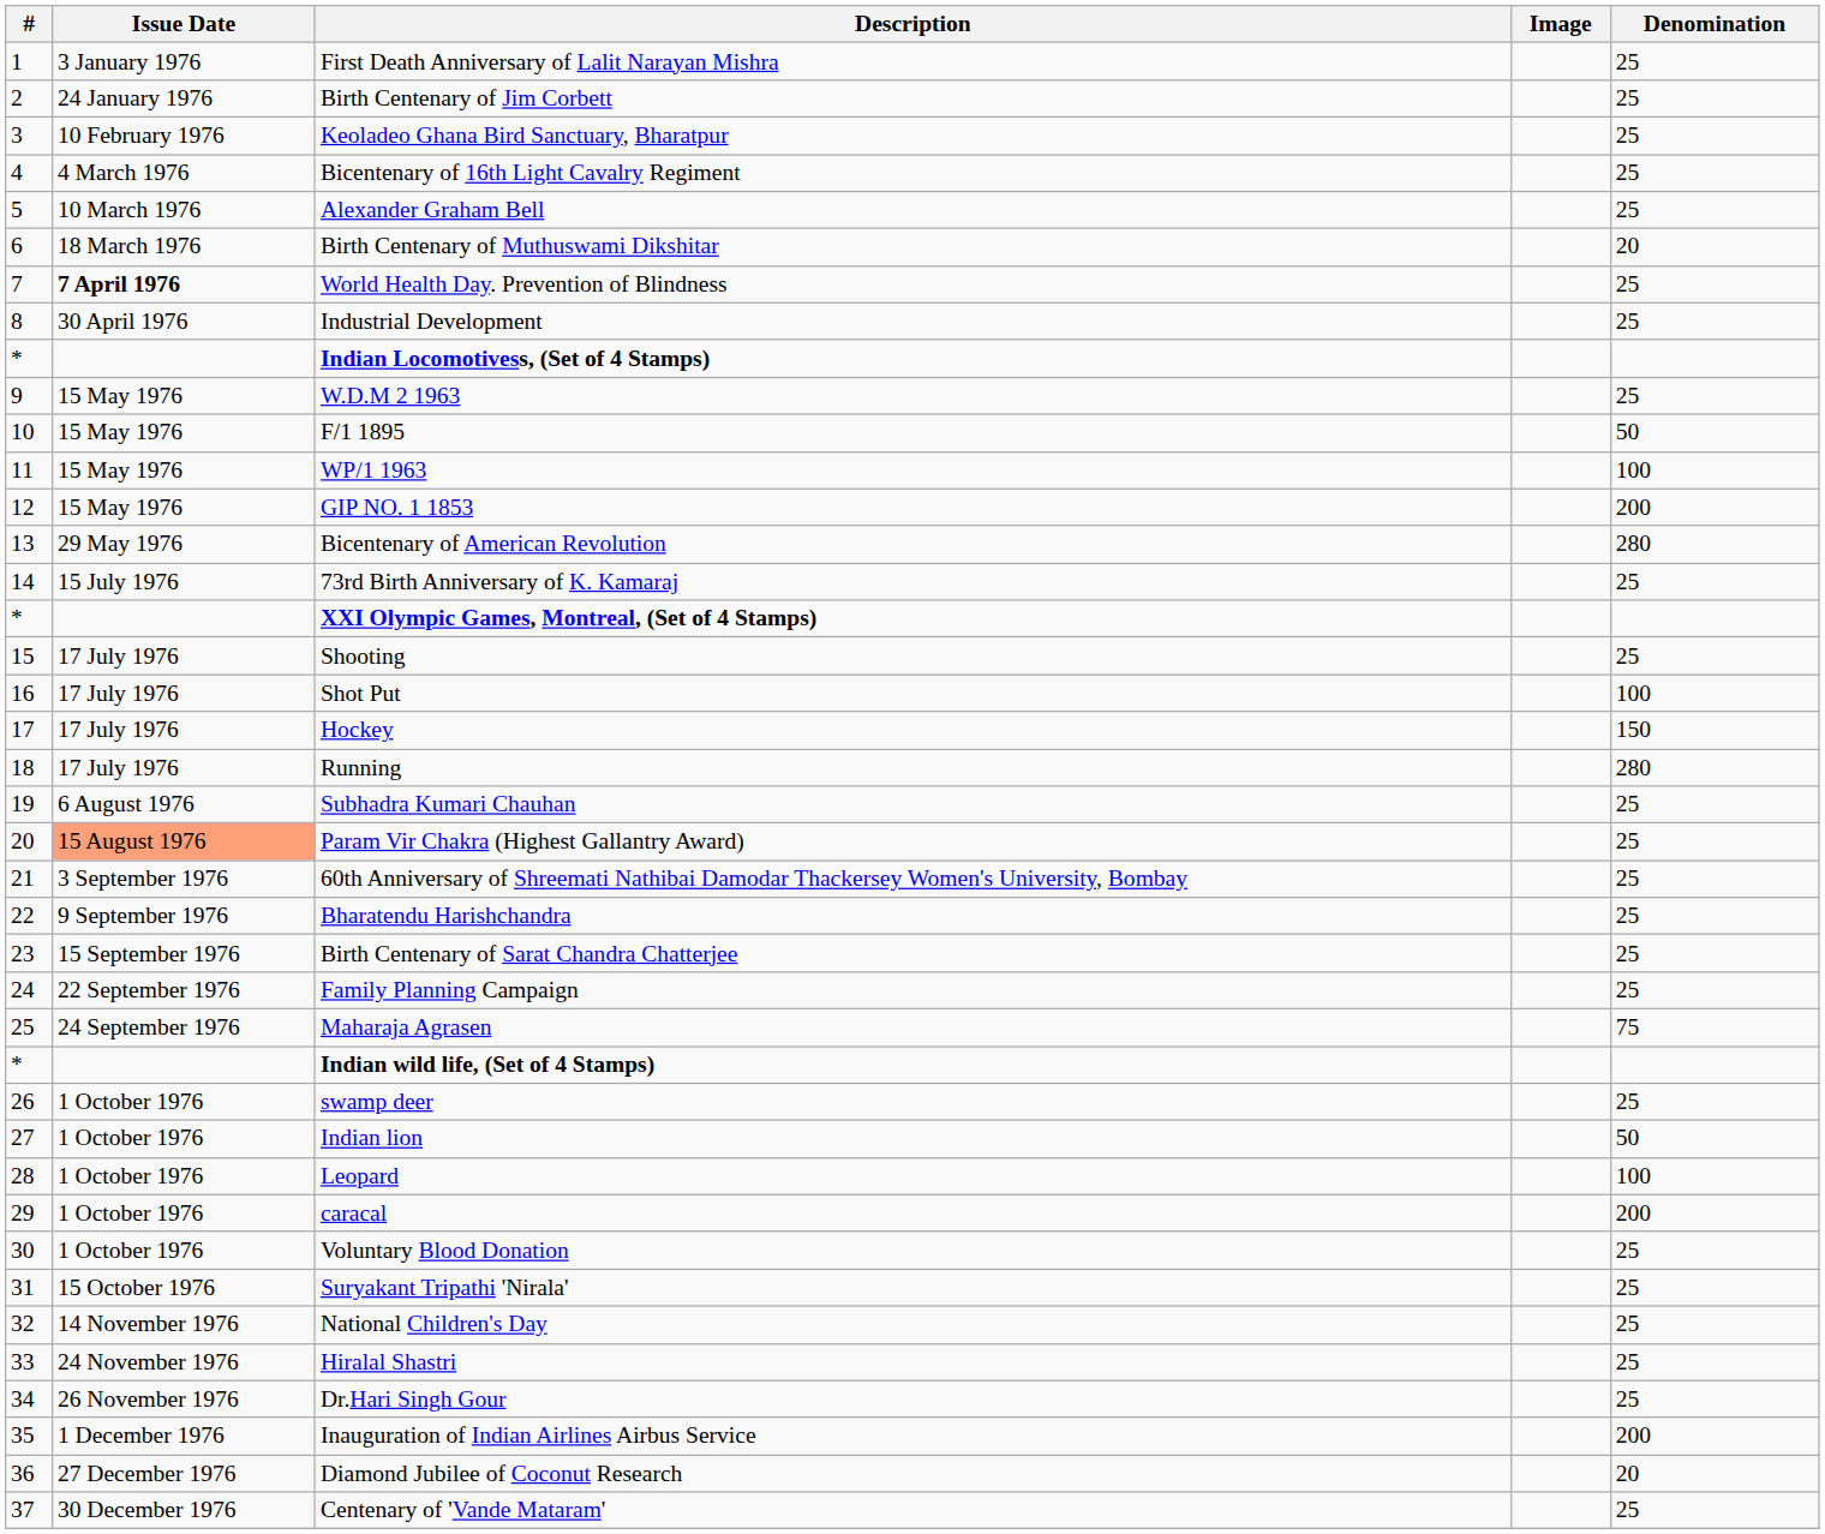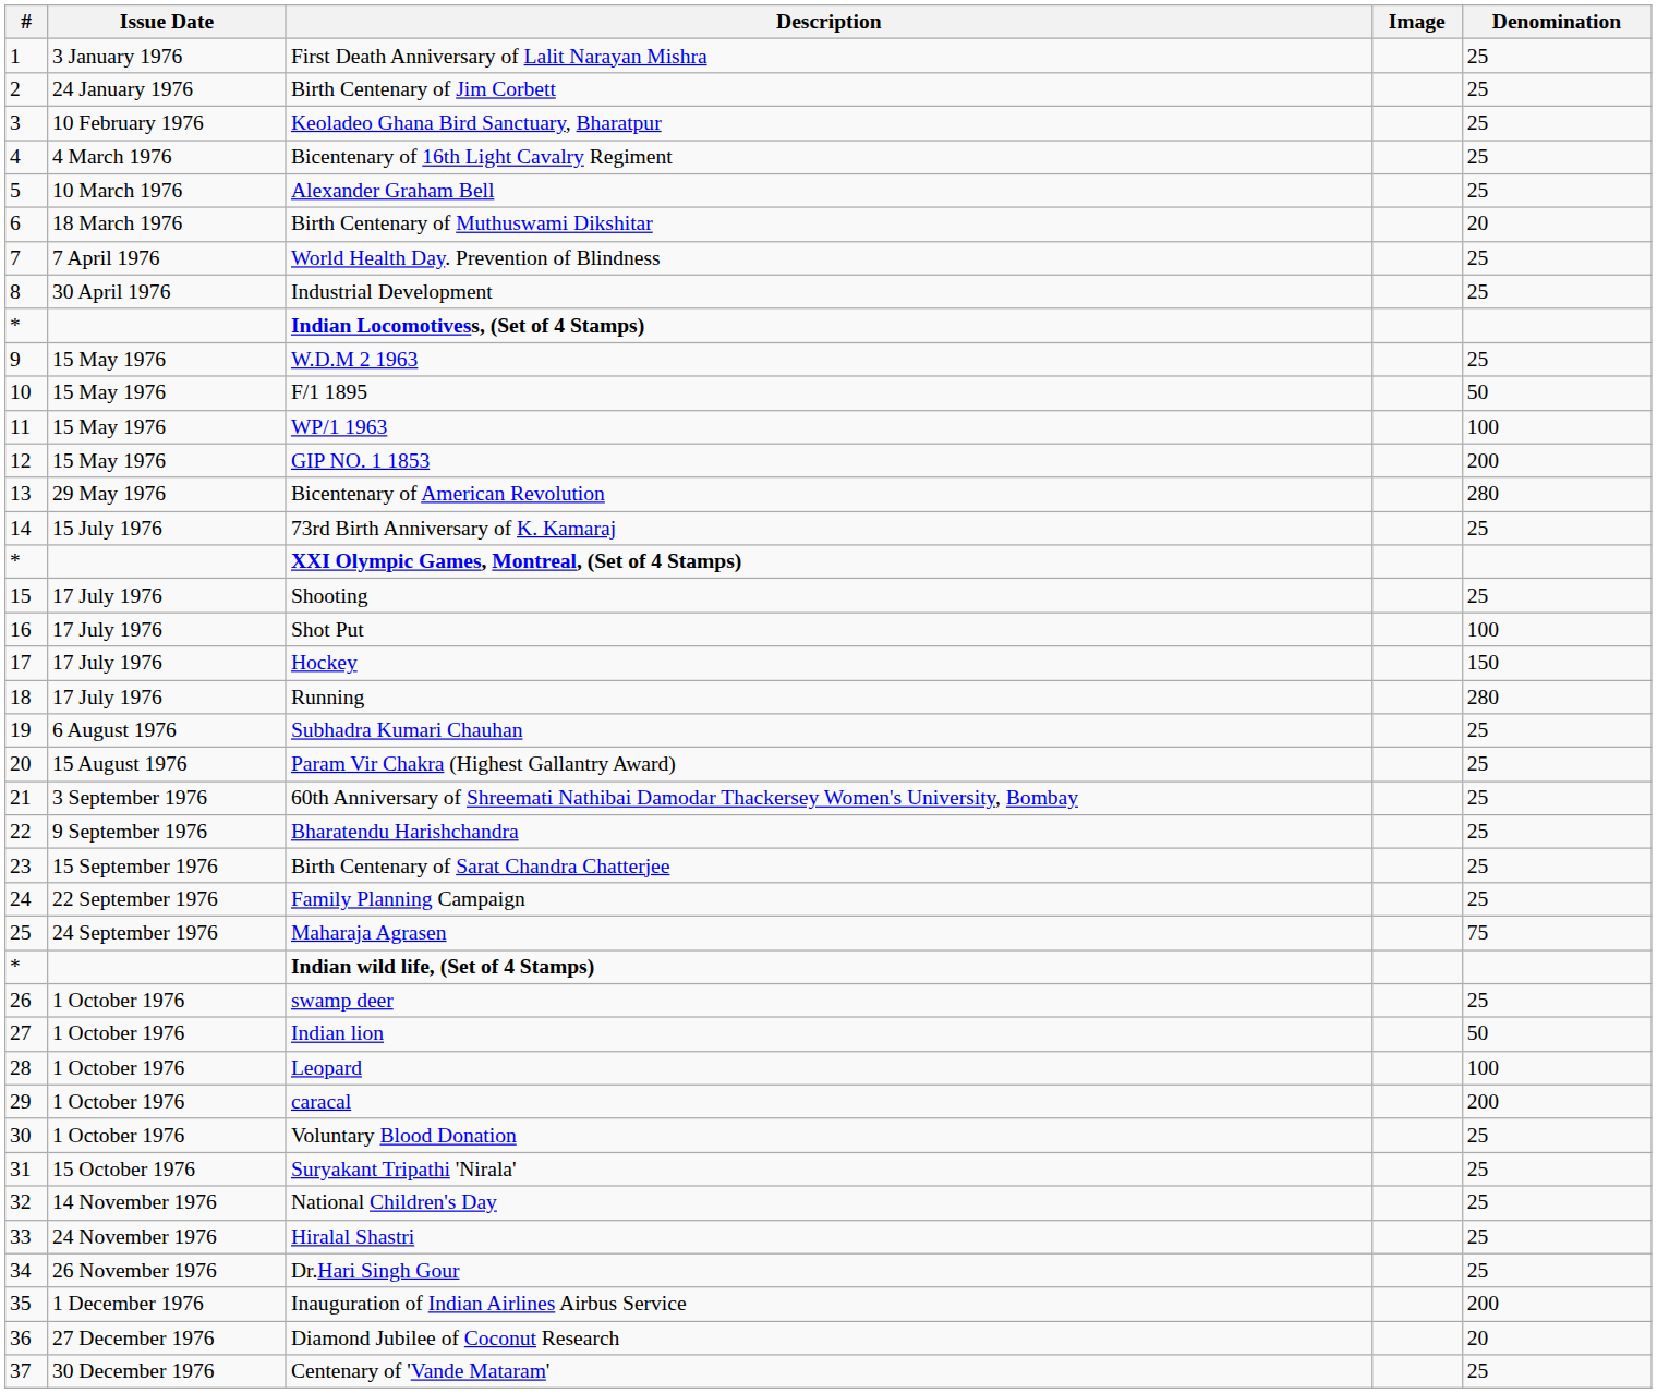 <table class = "wikitable"  style = "text-align:justify" width = "98%">
 <tr>
 <th>#</th>
 <th>Issue Date</th>
 <th>Description</th>
 <th>Image</th>
 <th>Denomination</th>
 </tr>
 <tr>
 <td>1</td>
 <td>3 January 1976</td>
 <td>First Death Anniversary of <a href='#'>Lalit Narayan Mishra</a></td>
 <td></td>
 <td>25</td>
 </tr>
 <tr>
 <td>2</td>
 <td>24 January 1976</td>
 <td>Birth Centenary of <a href='#'>Jim Corbett</a></td>
 <td></td>
 <td>25</td>
 </tr>
 <tr>
 <td>3</td>
 <td>10 February 1976</td>
 <td><a href='#'>Keoladeo Ghana Bird Sanctuary</a>, <a href='#'>Bharatpur</a></td>
 <td></td>
 <td>25</td>
 </tr>
 <tr>
 <td>4</td>
 <td>4 March 1976</td>
 <td>Bicentenary of <a href='#'>16th Light Cavalry</a> Regiment</td>
 <td></td>
 <td>25</td>
 </tr>
 <tr>
 <td>5</td>
 <td>10 March 1976</td>
 <td><a href='#'>Alexander Graham Bell</a></td>
 <td></td>
 <td>25</td>
 </tr>
 <tr>
 <td>6</td>
 <td>18 March 1976</td>
 <td>Birth Centenary of <a href='#'>Muthuswami Dikshitar</a></td>
 <td></td>
 <td>20</td>
 </tr>
 <tr>
 <td>7</td>
-<td><strong>7 April 1976</strong></td>
+<td>7 April 1976</td>
 <td><a href='#'>World Health Day</a>. Prevention of Blindness</td>
 <td></td>
 <td>25</td>
 </tr>
 <tr>
 <td>8</td>
 <td>30 April 1976</td>
 <td>Industrial Development</td>
 <td></td>
 <td>25</td>
 </tr>
 <tr>
 <td>*</td>
 <td></td>
 <td><strong><a href='#'>Indian Locomotives</a>s, (Set of 4 Stamps)</strong></td>
 <td></td>
 <td></td>
 </tr>
 <tr>
 <td>9</td>
 <td>15 May 1976</td>
 <td><a href='#'>W.D.M 2 1963</a></td>
 <td></td>
 <td>25</td>
 </tr>
 <tr>
 <td>10</td>
 <td>15 May 1976</td>
 <td>F/1 1895</td>
 <td></td>
 <td>50</td>
 </tr>
 <tr>
 <td>11</td>
 <td>15 May 1976</td>
 <td><a href='#'>WP/1 1963</a></td>
 <td></td>
 <td>100</td>
 </tr>
 <tr>
 <td>12</td>
 <td>15 May 1976</td>
 <td><a href='#'>GIP NO. 1 1853</a></td>
 <td></td>
 <td>200</td>
 </tr>
 <tr>
 <td>13</td>
 <td>29 May 1976</td>
 <td>Bicentenary of <a href='#'>American Revolution</a></td>
 <td></td>
 <td>280</td>
 </tr>
 <tr>
 <td>14</td>
 <td>15 July 1976</td>
 <td>73rd Birth Anniversary of <a href='#'>K. Kamaraj</a></td>
 <td></td>
 <td>25</td>
 </tr>
 <tr>
 <td>*</td>
 <td></td>
 <td><strong><a href='#'>XXI Olympic Games</a>, <a href='#'>Montreal</a>, (Set of 4 Stamps)</strong></td>
 <td></td>
 <td></td>
 </tr>
 <tr>
 <td>15</td>
 <td>17 July 1976</td>
 <td>Shooting</td>
 <td></td>
 <td>25</td>
 </tr>
 <tr>
 <td>16</td>
 <td>17 July 1976</td>
 <td>Shot Put</td>
 <td></td>
 <td>100</td>
 </tr>
 <tr>
 <td>17</td>
 <td>17 July 1976</td>
 <td><a href='#'>Hockey</a></td>
 <td></td>
 <td>150</td>
 </tr>
 <tr>
 <td>18</td>
 <td>17 July 1976</td>
 <td>Running</td>
 <td></td>
 <td>280</td>
 </tr>
 <tr>
 <td>19</td>
 <td>6 August 1976</td>
 <td><a href='#'>Subhadra Kumari Chauhan</a></td>
 <td></td>
 <td>25</td>
 </tr>
 <tr>
 <td>20</td>
-<td style="background: lightsalmon;">15 August 1976</td>
+<td>15 August 1976</td>
 <td><a href='#'>Param Vir Chakra</a> (Highest Gallantry Award)</td>
 <td></td>
 <td>25</td>
 </tr>
 <tr>
 <td>21</td>
 <td>3 September 1976</td>
 <td>60th Anniversary of <a href='#'>Shreemati Nathibai Damodar Thackersey Women's University</a>, <a href='#'>Bombay</a></td>
 <td></td>
 <td>25</td>
 </tr>
 <tr>
 <td>22</td>
 <td>9 September 1976</td>
 <td><a href='#'>Bharatendu Harishchandra</a></td>
 <td></td>
 <td>25</td>
 </tr>
 <tr>
 <td>23</td>
 <td>15 September 1976</td>
 <td>Birth Centenary of <a href='#'>Sarat Chandra Chatterjee</a></td>
 <td></td>
 <td>25</td>
 </tr>
 <tr>
 <td>24</td>
 <td>22 September 1976</td>
 <td><a href='#'>Family Planning</a> Campaign</td>
 <td></td>
 <td>25</td>
 </tr>
 <tr>
 <td>25</td>
 <td>24 September 1976</td>
 <td><a href='#'>Maharaja Agrasen</a></td>
 <td></td>
 <td>75</td>
 </tr>
 <tr>
 <td>*</td>
 <td></td>
 <td><strong>Indian wild life, (Set of 4 Stamps)</strong></td>
 <td></td>
 <td></td>
 </tr>
 <tr>
 <td>26</td>
 <td>1 October 1976</td>
 <td><a href='#'>swamp deer</a></td>
 <td></td>
 <td>25</td>
 </tr>
 <tr>
 <td>27</td>
 <td>1 October 1976</td>
 <td><a href='#'>Indian lion</a></td>
 <td></td>
 <td>50</td>
 </tr>
 <tr>
 <td>28</td>
 <td>1 October 1976</td>
 <td><a href='#'>Leopard</a></td>
 <td></td>
 <td>100</td>
 </tr>
 <tr>
 <td>29</td>
 <td>1 October 1976</td>
 <td><a href='#'>caracal</a></td>
 <td></td>
 <td>200</td>
 </tr>
 <tr>
 <td>30</td>
 <td>1 October 1976</td>
 <td>Voluntary <a href='#'>Blood Donation</a></td>
 <td></td>
 <td>25</td>
 </tr>
 <tr>
 <td>31</td>
 <td>15 October 1976</td>
 <td><a href='#'>Suryakant Tripathi</a> 'Nirala'</td>
 <td></td>
 <td>25</td>
 </tr>
 <tr>
 <td>32</td>
 <td>14 November 1976</td>
 <td>National <a href='#'>Children's Day</a></td>
 <td></td>
 <td>25</td>
 </tr>
 <tr>
 <td>33</td>
 <td>24 November 1976</td>
 <td><a href='#'>Hiralal Shastri</a></td>
 <td></td>
 <td>25</td>
 </tr>
 <tr>
 <td>34</td>
 <td>26 November 1976</td>
 <td>Dr.<a href='#'>Hari Singh Gour</a></td>
 <td></td>
 <td>25</td>
 </tr>
 <tr>
 <td>35</td>
 <td>1 December 1976</td>
 <td>Inauguration of <a href='#'>Indian Airlines</a> Airbus Service</td>
 <td></td>
 <td>200</td>
 </tr>
 <tr>
 <td>36</td>
 <td>27 December 1976</td>
 <td>Diamond Jubilee of <a href='#'>Coconut</a> Research</td>
 <td></td>
 <td>20</td>
 </tr>
 <tr>
 <td>37</td>
 <td>30 December 1976</td>
 <td>Centenary of '<a href='#'>Vande Mataram</a>'</td>
 <td></td>
 <td>25</td>
 </tr>
 <tr>
 </tr>
 </table>
